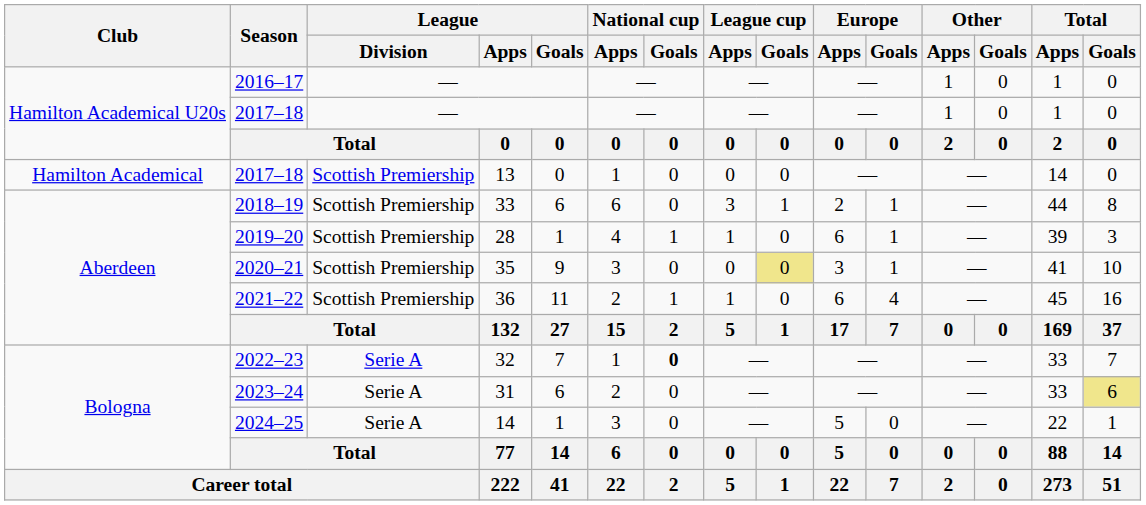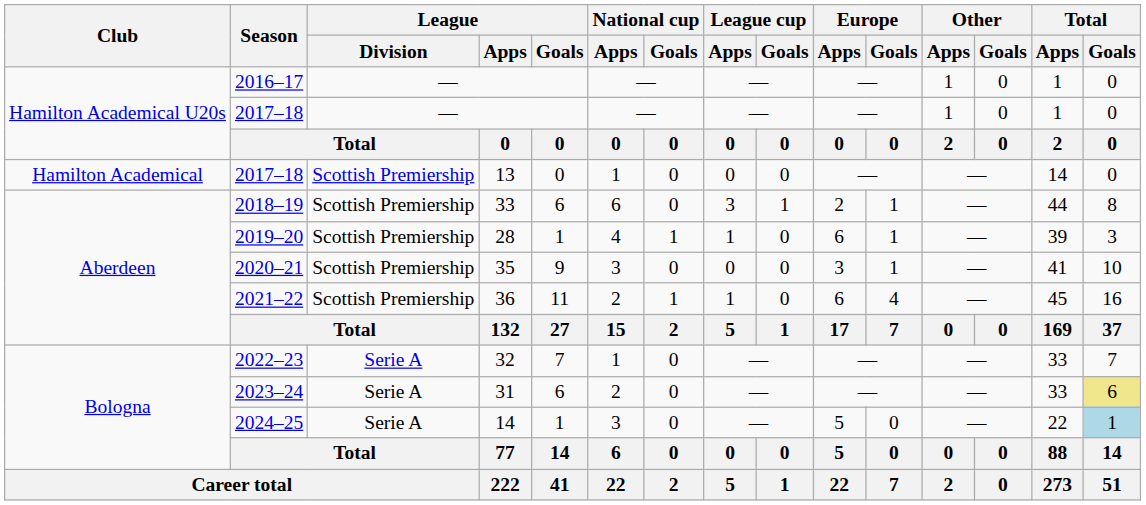 <table class="wikitable" style="text-align: center">
 <tr>
 <th rowspan="2">Club</th>
 <th rowspan="2">Season</th>
 <th colspan="3">League</th>
 <th colspan="2">National cup</th>
 <th colspan="2">League cup</th>
 <th colspan="2">Europe</th>
 <th colspan="2">Other</th>
 <th colspan="2">Total</th>
 </tr>
 <tr>
 <th>Division</th>
 <th>Apps</th>
 <th>Goals</th>
 <th>Apps</th>
 <th>Goals</th>
 <th>Apps</th>
 <th>Goals</th>
 <th>Apps</th>
 <th>Goals</th>
 <th>Apps</th>
 <th>Goals</th>
 <th>Apps</th>
 <th>Goals</th>
 </tr>
 <tr>
 <td rowspan="3"><a href='#'>Hamilton Academical U20s</a></td>
 <td><a href='#'>2016–17</a></td>
 <td colspan="3">—</td>
 <td colspan="2">—</td>
 <td colspan="2">—</td>
 <td colspan="2">—</td>
 <td>1</td>
 <td>0</td>
 <td>1</td>
 <td>0</td>
 </tr>
 <tr>
 <td><a href='#'>2017–18</a></td>
 <td colspan="3">—</td>
 <td colspan="2">—</td>
 <td colspan="2">—</td>
 <td colspan="2">—</td>
 <td>1</td>
 <td>0</td>
 <td>1</td>
 <td>0</td>
 </tr>
 <tr>
 <th colspan="2">Total</th>
 <th>0</th>
 <th>0</th>
 <th>0</th>
 <th>0</th>
 <th>0</th>
 <th>0</th>
 <th>0</th>
 <th>0</th>
 <th>2</th>
 <th>0</th>
 <th>2</th>
 <th>0</th>
 </tr>
 <tr>
 <td><a href='#'>Hamilton Academical</a></td>
 <td><a href='#'>2017–18</a></td>
 <td><a href='#'>Scottish Premiership</a></td>
 <td>13</td>
 <td>0</td>
 <td>1</td>
 <td>0</td>
 <td>0</td>
 <td>0</td>
 <td colspan="2">—</td>
 <td colspan="2">—</td>
 <td>14</td>
 <td>0</td>
 </tr>
 <tr>
 <td rowspan="5"><a href='#'>Aberdeen</a></td>
 <td><a href='#'>2018–19</a></td>
 <td>Scottish Premiership</td>
 <td>33</td>
 <td>6</td>
 <td>6</td>
 <td>0</td>
 <td>3</td>
 <td>1</td>
 <td>2</td>
 <td>1</td>
 <td colspan="2">—</td>
 <td>44</td>
 <td>8</td>
 </tr>
 <tr>
 <td><a href='#'>2019–20</a></td>
 <td>Scottish Premiership</td>
 <td>28</td>
 <td>1</td>
 <td>4</td>
 <td>1</td>
 <td>1</td>
 <td>0</td>
 <td>6</td>
 <td>1</td>
 <td colspan="2">—</td>
 <td>39</td>
 <td>3</td>
 </tr>
 <tr>
 <td><a href='#'>2020–21</a></td>
 <td>Scottish Premiership</td>
 <td>35</td>
 <td>9</td>
 <td>3</td>
 <td>0</td>
 <td>0</td>
-<td style="background: khaki;">0</td>
+<td>0</td>
 <td>3</td>
 <td>1</td>
 <td colspan="2">—</td>
 <td>41</td>
 <td>10</td>
 </tr>
 <tr>
 <td><a href='#'>2021–22</a></td>
 <td>Scottish Premiership</td>
 <td>36</td>
 <td>11</td>
 <td>2</td>
 <td>1</td>
 <td>1</td>
 <td>0</td>
 <td>6</td>
 <td>4</td>
 <td colspan="2">—</td>
 <td>45</td>
 <td>16</td>
 </tr>
 <tr>
 <th colspan="2">Total</th>
 <th>132</th>
 <th>27</th>
 <th>15</th>
 <th>2</th>
 <th>5</th>
 <th>1</th>
 <th>17</th>
 <th>7</th>
 <th>0</th>
 <th>0</th>
 <th>169</th>
 <th>37</th>
 </tr>
 <tr>
 <td rowspan="4"><a href='#'>Bologna</a></td>
 <td><a href='#'>2022–23</a></td>
 <td><a href='#'>Serie A</a></td>
 <td>32</td>
 <td>7</td>
 <td>1</td>
-<td><strong>0</strong></td>
+<td>0</td>
 <td colspan="2">—</td>
 <td colspan="2">—</td>
 <td colspan="2">—</td>
 <td>33</td>
 <td>7</td>
 </tr>
 <tr>
 <td><a href='#'>2023–24</a></td>
 <td>Serie A</td>
 <td>31</td>
 <td>6</td>
 <td>2</td>
 <td>0</td>
 <td colspan="2">—</td>
 <td colspan="2">—</td>
 <td colspan="2">—</td>
 <td>33</td>
 <td style="background: khaki;">6</td>
 </tr>
 <tr>
 <td><a href='#'>2024–25</a></td>
 <td>Serie A</td>
 <td>14</td>
 <td>1</td>
 <td>3</td>
 <td>0</td>
 <td colspan="2">—</td>
 <td>5</td>
 <td>0</td>
 <td colspan="2">—</td>
 <td>22</td>
-<td>1</td>
+<td style="background: lightblue;">1</td>
 </tr>
 <tr>
 <th colspan="2">Total</th>
 <th>77</th>
 <th>14</th>
 <th>6</th>
 <th>0</th>
 <th>0</th>
 <th>0</th>
 <th>5</th>
 <th>0</th>
 <th>0</th>
 <th>0</th>
 <th>88</th>
 <th>14</th>
 </tr>
 <tr>
 <th colspan="3">Career total</th>
 <th>222</th>
 <th>41</th>
 <th>22</th>
 <th>2</th>
 <th>5</th>
 <th>1</th>
 <th>22</th>
 <th>7</th>
 <th>2</th>
 <th>0</th>
 <th>273</th>
 <th>51</th>
 </tr>
 </table>
